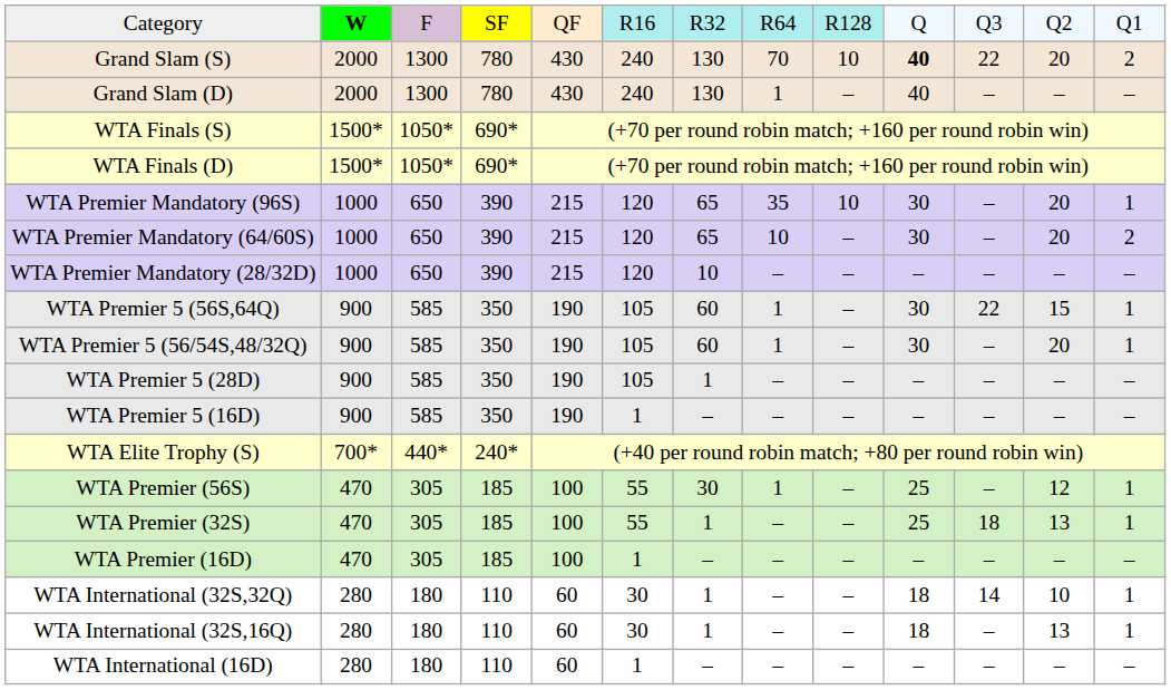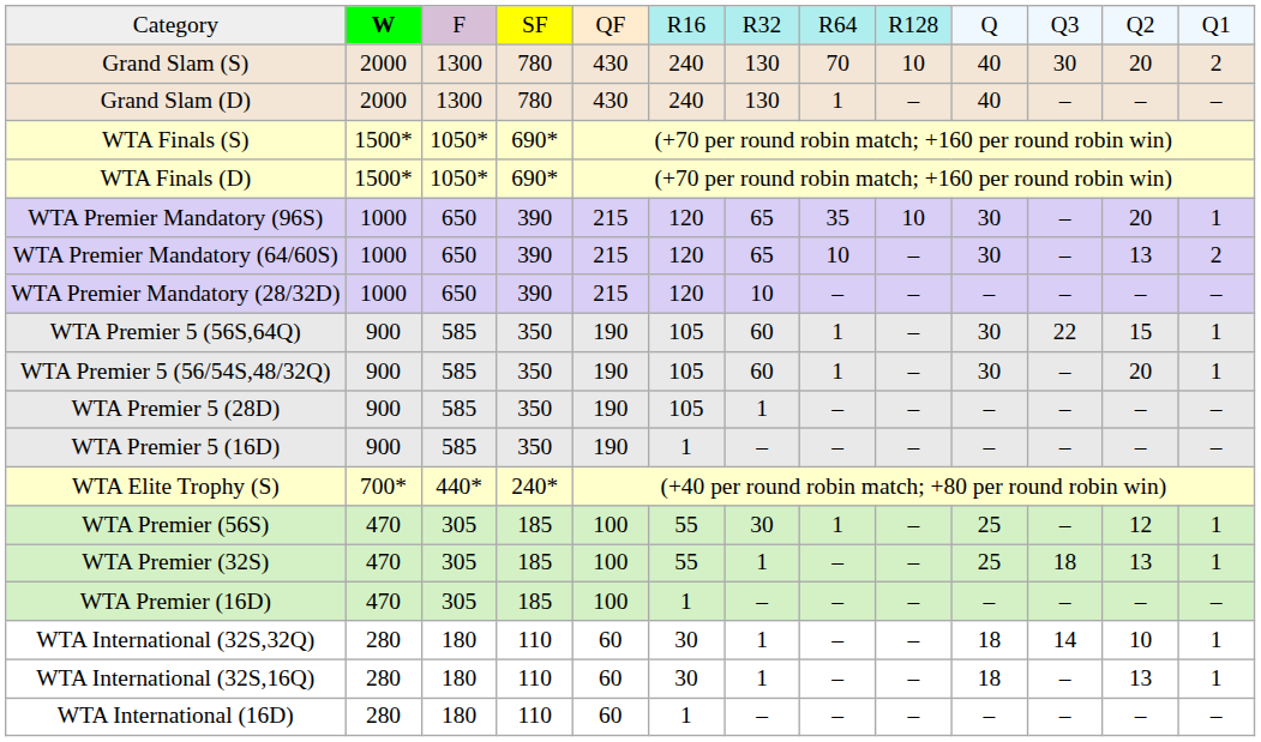 <table class="wikitable" style="font-size:90%">
 <tr align=center>
 <td style="background:#efefef;">Category</td>
 <td style="width:40px; background:lime;"><strong>W</strong></td>
 <td style="width:40px; background:thistle;">F</td>
 <td style="width:40px; background:#ff0;">SF</td>
 <td style="width:40px; background:#ffebcd;">QF</td>
 <td style="width:40px; background:#afeeee;">R16</td>
 <td style="width:40px; background:#afeeee;">R32</td>
 <td style="width:40px; background:#afeeee;">R64</td>
 <td style="width:40px; background:#afeeee;">R128</td>
 <td style="width:40px; background:#f0f8ff;">Q</td>
 <td style="width:40px; background:#f0f8ff;">Q3</td>
 <td style="width:40px; background:#f0f8ff;">Q2</td>
 <td style="width:40px; background:#f0f8ff;">Q1</td>
 </tr>
 <tr style="text-align:center; background:#F3E6D7;">
 <td>Grand Slam (S)</td>
 <td>2000</td>
 <td>1300</td>
 <td>780</td>
 <td>430</td>
 <td>240</td>
 <td>130</td>
 <td>70</td>
 <td>10</td>
-<td><strong>40</strong></td>
-<td>22</td>
+<td>40</td>
+<td>30</td>
 <td>20</td>
 <td>2</td>
 </tr>
 <tr style="text-align:center; background:#F3E6D7;">
 <td>Grand Slam (D)</td>
 <td>2000</td>
 <td>1300</td>
 <td>780</td>
 <td>430</td>
 <td>240</td>
 <td>130</td>
 <td>1</td>
 <td>–</td>
 <td>40</td>
 <td>–</td>
 <td>–</td>
 <td>–</td>
 </tr>
 <tr style="text-align:center; background:#ffc;">
 <td>WTA Finals (S)</td>
 <td>1500*</td>
 <td>1050*</td>
 <td>690*</td>
 <td colspan="10" style="text-align:center">(+70 per round robin match; +160 per round robin win)</td>
 </tr>
 <tr style="text-align:center; background:#ffc;">
 <td>WTA Finals (D)</td>
 <td>1500*</td>
 <td>1050*</td>
 <td>690*</td>
 <td colspan="10" style="text-align:center">(+70 per round robin match; +160 per round robin win)</td>
 </tr>
 <tr style="text-align:center; background:#d8cef6;">
 <td>WTA Premier Mandatory (96S)</td>
 <td>1000</td>
 <td>650</td>
 <td>390</td>
 <td>215</td>
 <td>120</td>
 <td>65</td>
 <td>35</td>
 <td>10</td>
 <td>30</td>
 <td>–</td>
 <td>20</td>
 <td>1</td>
 </tr>
 <tr style="text-align:center; background:#d8cef6;">
 <td>WTA Premier Mandatory (64/60S)</td>
 <td>1000</td>
 <td>650</td>
 <td>390</td>
 <td>215</td>
 <td>120</td>
 <td>65</td>
 <td>10</td>
 <td>–</td>
 <td>30</td>
 <td>–</td>
-<td>20</td>
+<td>13</td>
 <td>2</td>
 </tr>
 <tr style="text-align:center; background:#d8cef6;">
 <td>WTA Premier Mandatory (28/32D)</td>
 <td>1000</td>
 <td>650</td>
 <td>390</td>
 <td>215</td>
 <td>120</td>
 <td>10</td>
 <td>–</td>
 <td>–</td>
 <td>–</td>
 <td>–</td>
 <td>–</td>
 <td>–</td>
 </tr>
 <tr style="text-align:center; background:#E9E9E9;">
 <td>WTA Premier 5 (56S,64Q)</td>
 <td>900</td>
 <td>585</td>
 <td>350</td>
 <td>190</td>
 <td>105</td>
 <td>60</td>
 <td>1</td>
 <td>–</td>
 <td>30</td>
 <td>22</td>
 <td>15</td>
 <td>1</td>
 </tr>
 <tr style="text-align:center; background:#E9E9E9;">
 <td>WTA Premier 5 (56/54S,48/32Q)</td>
 <td>900</td>
 <td>585</td>
 <td>350</td>
 <td>190</td>
 <td>105</td>
 <td>60</td>
 <td>1</td>
 <td>–</td>
 <td>30</td>
 <td>–</td>
 <td>20</td>
 <td>1</td>
 </tr>
 <tr style="text-align:center; background:#E9E9E9;">
 <td>WTA Premier 5 (28D)</td>
 <td>900</td>
 <td>585</td>
 <td>350</td>
 <td>190</td>
 <td>105</td>
 <td>1</td>
 <td>–</td>
 <td>–</td>
 <td>–</td>
 <td>–</td>
 <td>–</td>
 <td>–</td>
 </tr>
 <tr style="text-align:center; background:#E9E9E9;">
 <td>WTA Premier 5 (16D)</td>
 <td>900</td>
 <td>585</td>
 <td>350</td>
 <td>190</td>
 <td>1</td>
 <td>–</td>
 <td>–</td>
 <td>–</td>
 <td>–</td>
 <td>–</td>
 <td>–</td>
 <td>–</td>
 </tr>
 <tr style="text-align:center; background:#ffc;">
 <td>WTA Elite Trophy (S)</td>
 <td>700*</td>
 <td>440*</td>
 <td>240*</td>
 <td colspan="9" style="text-align:center">(+40 per round robin match; +80 per round robin win)</td>
 </tr>
 <tr style="text-align:center; background:#D4F1C5;">
 <td>WTA Premier (56S)</td>
 <td>470</td>
 <td>305</td>
 <td>185</td>
 <td>100</td>
 <td>55</td>
 <td>30</td>
 <td>1</td>
 <td>–</td>
 <td>25</td>
 <td>–</td>
 <td>12</td>
 <td>1</td>
 </tr>
 <tr style="text-align:center; background:#D4F1C5;">
 <td>WTA Premier (32S)</td>
 <td>470</td>
 <td>305</td>
 <td>185</td>
 <td>100</td>
 <td>55</td>
 <td>1</td>
 <td>–</td>
 <td>–</td>
 <td>25</td>
 <td>18</td>
 <td>13</td>
 <td>1</td>
 </tr>
 <tr style="text-align:center; background:#D4F1C5;">
 <td>WTA Premier (16D)</td>
 <td>470</td>
 <td>305</td>
 <td>185</td>
 <td>100</td>
 <td>1</td>
 <td>–</td>
 <td>–</td>
 <td>–</td>
 <td>–</td>
 <td>–</td>
 <td>–</td>
 <td>–</td>
 </tr>
 <tr style="text-align:center; background:#fff;">
 <td>WTA International (32S,32Q)</td>
 <td>280</td>
 <td>180</td>
 <td>110</td>
 <td>60</td>
 <td>30</td>
 <td>1</td>
 <td>–</td>
 <td>–</td>
 <td>18</td>
 <td>14</td>
 <td>10</td>
 <td>1</td>
 </tr>
 <tr style="text-align:center; background:#fff;">
 <td>WTA International (32S,16Q)</td>
 <td>280</td>
 <td>180</td>
 <td>110</td>
 <td>60</td>
 <td>30</td>
 <td>1</td>
 <td>–</td>
 <td>–</td>
 <td>18</td>
 <td>–</td>
 <td>13</td>
 <td>1</td>
 </tr>
 <tr style="text-align:center; background:#fff;">
 <td>WTA International (16D)</td>
 <td>280</td>
 <td>180</td>
 <td>110</td>
 <td>60</td>
 <td>1</td>
 <td>–</td>
 <td>–</td>
 <td>–</td>
 <td>–</td>
 <td>–</td>
 <td>–</td>
 <td>–</td>
 </tr>
 </table>
